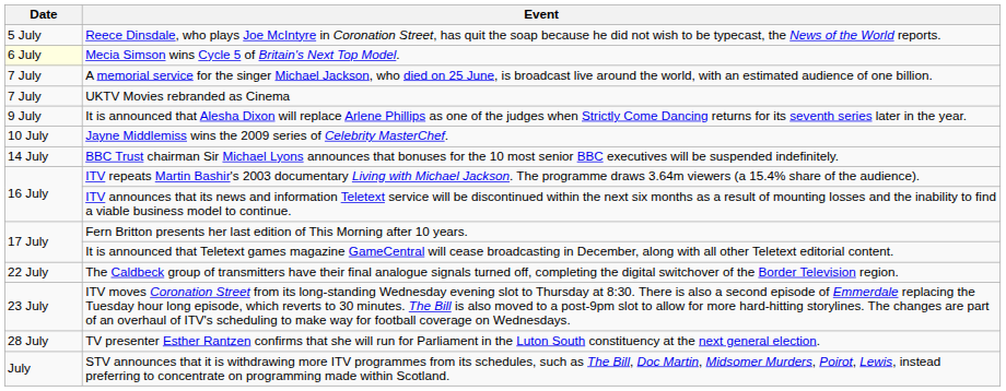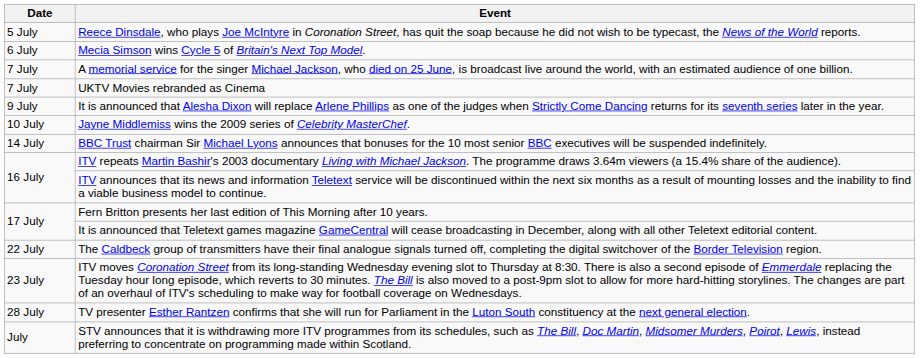 <table class="wikitable">
 <tr>
 <th width=90>Date</th>
 <th>Event</th>
 </tr>
 <tr>
 <td>5 July</td>
 <td><a href='#'>Reece Dinsdale</a>, who plays <a href='#'>Joe McIntyre</a> in <em>Coronation Street</em>, has quit the soap because he did not wish to be typecast, the <em><a href='#'>News of the World</a></em> reports.</td>
 </tr>
 <tr>
-<td style="background: lightyellow;">6 July</td>
+<td>6 July</td>
 <td><a href='#'>Mecia Simson</a> wins <a href='#'>Cycle 5</a> of <em><a href='#'>Britain's Next Top Model</a></em>.</td>
 </tr>
 <tr>
 <td>7 July</td>
 <td>A <a href='#'>memorial service</a> for the singer <a href='#'>Michael Jackson</a>, who <a href='#'>died on 25 June</a>, is broadcast live around the world, with an estimated audience of one billion.</td>
 </tr>
 <tr>
 <td>7 July</td>
 <td>UKTV Movies rebranded as Cinema</td>
 </tr>
 <tr>
 <td>9 July</td>
 <td>It is announced that <a href='#'>Alesha Dixon</a> will replace <a href='#'>Arlene Phillips</a> as one of the judges when <a href='#'>Strictly Come Dancing</a> returns for its <a href='#'>seventh series</a> later in the year.</td>
 </tr>
 <tr>
 <td>10 July</td>
 <td><a href='#'>Jayne Middlemiss</a> wins the 2009 series of <em><a href='#'>Celebrity MasterChef</a></em>.</td>
 </tr>
 <tr>
 <td>14 July</td>
 <td><a href='#'>BBC Trust</a> chairman Sir <a href='#'>Michael Lyons</a> announces that bonuses for the 10 most senior <a href='#'>BBC</a> executives will be suspended indefinitely.</td>
 </tr>
 <tr>
 <td rowspan=2>16 July</td>
 <td><a href='#'>ITV</a> repeats <a href='#'>Martin Bashir</a>'s 2003 documentary <em><a href='#'>Living with Michael Jackson</a></em>. The programme draws 3.64m viewers (a 15.4% share of the audience).</td>
 </tr>
 <tr>
 <td><a href='#'>ITV</a> announces that its news and information <a href='#'>Teletext</a> service will be discontinued within the next six months as a result of mounting losses and the inability to find a viable business model to continue.</td>
 </tr>
 <tr>
 <td rowspan=2>17 July</td>
 <td>Fern Britton presents her last edition of This Morning after 10 years.</td>
 </tr>
 <tr>
 <td>It is announced that Teletext games magazine <a href='#'>GameCentral</a> will cease broadcasting in December, along with all other Teletext editorial content.</td>
 </tr>
 <tr>
 <td>22 July</td>
 <td>The <a href='#'>Caldbeck</a> group of transmitters have their final analogue signals turned off, completing the digital switchover of the <a href='#'>Border Television</a> region.</td>
 </tr>
 <tr>
 <td>23 July</td>
 <td>ITV moves <em><a href='#'>Coronation Street</a></em> from its long-standing Wednesday evening slot to Thursday at 8:30. There is also a second episode of <em><a href='#'>Emmerdale</a></em> replacing the Tuesday hour long episode, which reverts to 30 minutes. <em><a href='#'>The Bill</a></em> is also moved to a post-9pm slot to allow for more hard-hitting storylines. The changes are part of an overhaul of ITV's scheduling to make way for football coverage on Wednesdays.</td>
 </tr>
 <tr>
 <td>28 July</td>
 <td>TV presenter <a href='#'>Esther Rantzen</a> confirms that she will run for Parliament in the <a href='#'>Luton South</a> constituency at the <a href='#'>next general election</a>.</td>
 </tr>
 <tr>
 <td>July</td>
 <td>STV announces that it is withdrawing more ITV programmes from its schedules, such as <em><a href='#'>The Bill</a></em>, <em><a href='#'>Doc Martin</a></em>, <em><a href='#'>Midsomer Murders</a></em>, <em><a href='#'>Poirot</a></em>, <em><a href='#'>Lewis</a></em>, instead preferring to concentrate on programming made within Scotland.</td>
 </tr>
 </table>
